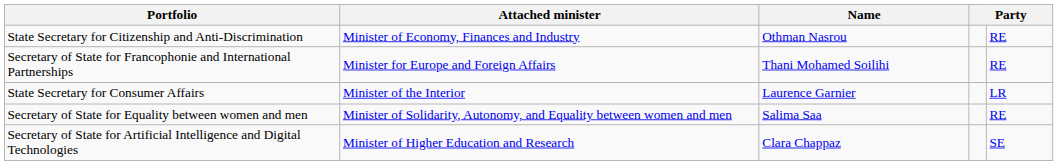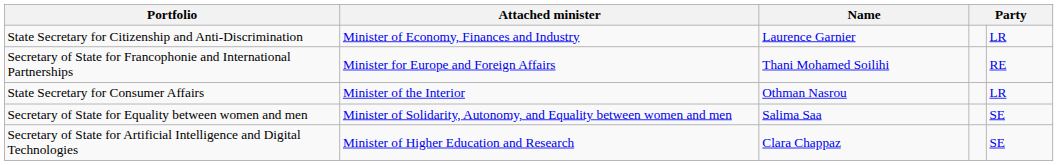 <table class="wikitable" style="width:100%">
 <tr>
 <th>Portfolio</th>
 <th style="width:40%">Attached minister</th>
 <th style="width:20%">Name</th>
 <th style="width:8%" colspan="2">Party</th>
 </tr>
 <tr>
 <td>State Secretary for Citizenship and Anti-Discrimination</td>
 <td><a href='#'>Minister of Economy, Finances and Industry</a></td>
-<td><a href='#'>Othman Nasrou</a></td>
+<td><a href='#'>Laurence Garnier</a></td>
 <td style="background:"></td>
-<td><a href='#'>RE</a></td>
+<td><a href='#'>LR</a></td>
 </tr>
 <tr>
 <td>Secretary of State for Francophonie and International Partnerships</td>
 <td><a href='#'>Minister for Europe and Foreign Affairs</a></td>
 <td><a href='#'>Thani Mohamed Soilihi</a></td>
 <td style="background :"></td>
 <td><a href='#'>RE</a></td>
 </tr>
 <tr>
 <td>State Secretary for Consumer Affairs</td>
 <td><a href='#'>Minister of the Interior</a></td>
-<td><a href='#'>Laurence Garnier</a></td>
+<td><a href='#'>Othman Nasrou</a></td>
 <td style="background:"></td>
 <td><a href='#'>LR</a></td>
 </tr>
 <tr>
 <td>Secretary of State for Equality between women and men</td>
 <td><a href='#'>Minister of Solidarity, Autonomy, and Equality between women and men</a></td>
 <td><a href='#'>Salima Saa</a></td>
 <td style="background:"></td>
-<td><a href='#'>RE</a></td>
+<td><a href='#'>SE</a></td>
 </tr>
 <tr>
 <td>Secretary of State for Artificial Intelligence and Digital Technologies</td>
 <td><a href='#'>Minister of Higher Education and Research</a></td>
 <td><a href='#'>Clara Chappaz</a></td>
 <td style="background:"></td>
 <td><a href='#'>SE</a></td>
 </tr>
 </table>
